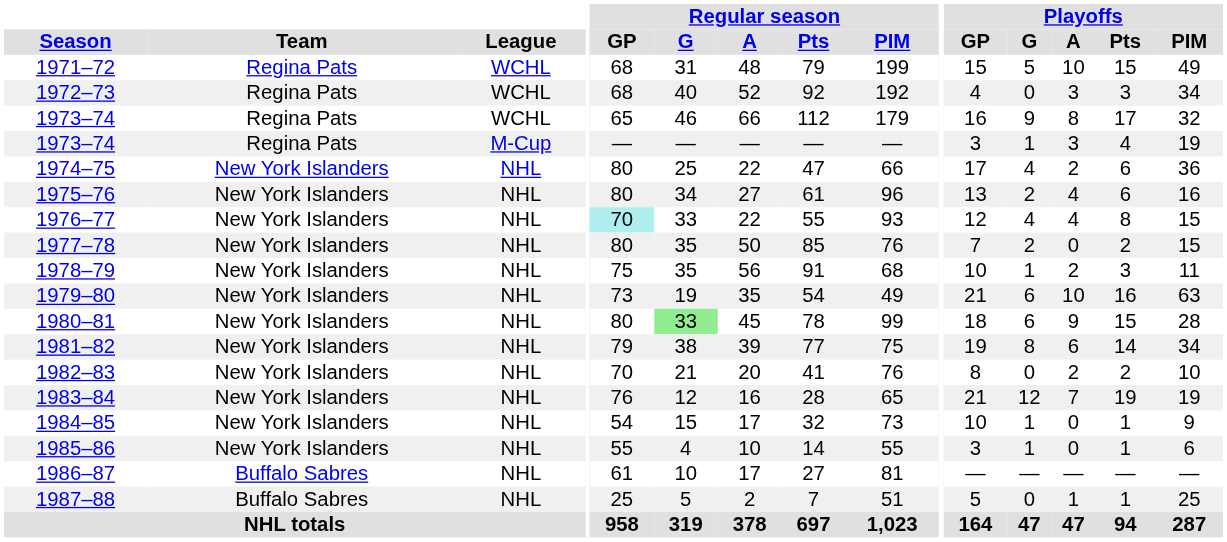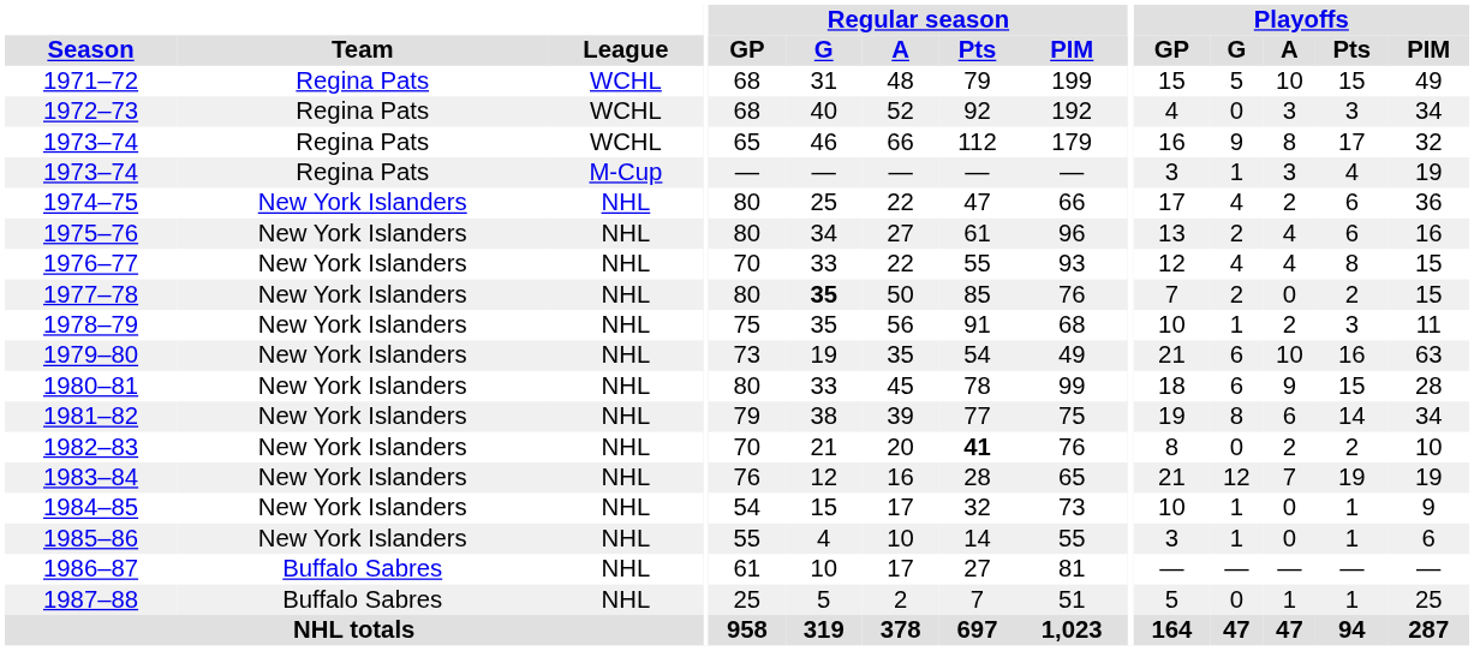 <table border="0" cellpadding="1" cellspacing="0" style="text-align:center; width:60em;">
 <tr bgcolor="#e0e0e0">
 <th colspan="3" bgcolor="#ffffff"></th>
 <th rowspan="100" bgcolor="#ffffff"></th>
 <th colspan="5"><a href='#'>Regular season</a></th>
 <th rowspan="100" bgcolor="#ffffff"></th>
 <th colspan="5"><a href='#'>Playoffs</a></th>
 </tr>
 <tr bgcolor="#e0e0e0">
 <th><a href='#'>Season</a></th>
 <th>Team</th>
 <th>League</th>
 <th>GP</th>
 <th><a href='#'>G</a></th>
 <th><a href='#'>A</a></th>
 <th><a href='#'>Pts</a></th>
 <th><a href='#'>PIM</a></th>
 <th>GP</th>
 <th>G</th>
 <th>A</th>
 <th>Pts</th>
 <th>PIM</th>
 </tr>
 <tr>
 <td><a href='#'>1971–72</a></td>
 <td><a href='#'>Regina Pats</a></td>
 <td><a href='#'>WCHL</a></td>
 <td>68</td>
 <td>31</td>
 <td>48</td>
 <td>79</td>
 <td>199</td>
 <td>15</td>
 <td>5</td>
 <td>10</td>
 <td>15</td>
 <td>49</td>
 </tr>
 <tr bgcolor="#f0f0f0">
 <td><a href='#'>1972–73</a></td>
 <td>Regina Pats</td>
 <td>WCHL</td>
 <td>68</td>
 <td>40</td>
 <td>52</td>
 <td>92</td>
 <td>192</td>
 <td>4</td>
 <td>0</td>
 <td>3</td>
 <td>3</td>
 <td>34</td>
 </tr>
 <tr>
 <td><a href='#'>1973–74</a></td>
 <td>Regina Pats</td>
 <td>WCHL</td>
 <td>65</td>
 <td>46</td>
 <td>66</td>
 <td>112</td>
 <td>179</td>
 <td>16</td>
 <td>9</td>
 <td>8</td>
 <td>17</td>
 <td>32</td>
 </tr>
 <tr bgcolor="#f0f0f0">
 <td><a href='#'>1973–74</a></td>
 <td>Regina Pats</td>
 <td><a href='#'>M-Cup</a></td>
 <td>—</td>
 <td>—</td>
 <td>—</td>
 <td>—</td>
 <td>—</td>
 <td>3</td>
 <td>1</td>
 <td>3</td>
 <td>4</td>
 <td>19</td>
 </tr>
 <tr>
 <td><a href='#'>1974–75</a></td>
 <td><a href='#'>New York Islanders</a></td>
 <td><a href='#'>NHL</a></td>
 <td>80</td>
 <td>25</td>
 <td>22</td>
 <td>47</td>
 <td>66</td>
 <td>17</td>
 <td>4</td>
 <td>2</td>
 <td>6</td>
 <td>36</td>
 </tr>
 <tr bgcolor="#f0f0f0">
 <td><a href='#'>1975–76</a></td>
 <td>New York Islanders</td>
 <td>NHL</td>
 <td>80</td>
 <td>34</td>
 <td>27</td>
 <td>61</td>
 <td>96</td>
 <td>13</td>
 <td>2</td>
 <td>4</td>
 <td>6</td>
 <td>16</td>
 </tr>
 <tr>
 <td><a href='#'>1976–77</a></td>
 <td>New York Islanders</td>
 <td>NHL</td>
-<td style="background: paleturquoise;">70</td>
+<td>70</td>
 <td>33</td>
 <td>22</td>
 <td>55</td>
 <td>93</td>
 <td>12</td>
 <td>4</td>
 <td>4</td>
 <td>8</td>
 <td>15</td>
 </tr>
 <tr bgcolor="#f0f0f0">
 <td><a href='#'>1977–78</a></td>
 <td>New York Islanders</td>
 <td>NHL</td>
 <td>80</td>
-<td>35</td>
+<td><strong>35</strong></td>
 <td>50</td>
 <td>85</td>
 <td>76</td>
 <td>7</td>
 <td>2</td>
 <td>0</td>
 <td>2</td>
 <td>15</td>
 </tr>
 <tr>
 <td><a href='#'>1978–79</a></td>
 <td>New York Islanders</td>
 <td>NHL</td>
 <td>75</td>
 <td>35</td>
 <td>56</td>
 <td>91</td>
 <td>68</td>
 <td>10</td>
 <td>1</td>
 <td>2</td>
 <td>3</td>
 <td>11</td>
 </tr>
 <tr bgcolor="#f0f0f0">
 <td><a href='#'>1979–80</a></td>
 <td>New York Islanders</td>
 <td>NHL</td>
 <td>73</td>
 <td>19</td>
 <td>35</td>
 <td>54</td>
 <td>49</td>
 <td>21</td>
 <td>6</td>
 <td>10</td>
 <td>16</td>
 <td>63</td>
 </tr>
 <tr>
 <td><a href='#'>1980–81</a></td>
 <td>New York Islanders</td>
 <td>NHL</td>
 <td>80</td>
-<td style="background: lightgreen;">33</td>
+<td>33</td>
 <td>45</td>
 <td>78</td>
 <td>99</td>
 <td>18</td>
 <td>6</td>
 <td>9</td>
 <td>15</td>
 <td>28</td>
 </tr>
 <tr bgcolor="#f0f0f0">
 <td><a href='#'>1981–82</a></td>
 <td>New York Islanders</td>
 <td>NHL</td>
 <td>79</td>
 <td>38</td>
 <td>39</td>
 <td>77</td>
 <td>75</td>
 <td>19</td>
 <td>8</td>
 <td>6</td>
 <td>14</td>
 <td>34</td>
 </tr>
 <tr>
 <td><a href='#'>1982–83</a></td>
 <td>New York Islanders</td>
 <td>NHL</td>
 <td>70</td>
 <td>21</td>
 <td>20</td>
-<td>41</td>
+<td><strong>41</strong></td>
 <td>76</td>
 <td>8</td>
 <td>0</td>
 <td>2</td>
 <td>2</td>
 <td>10</td>
 </tr>
 <tr bgcolor="#f0f0f0">
 <td><a href='#'>1983–84</a></td>
 <td>New York Islanders</td>
 <td>NHL</td>
 <td>76</td>
 <td>12</td>
 <td>16</td>
 <td>28</td>
 <td>65</td>
 <td>21</td>
 <td>12</td>
 <td>7</td>
 <td>19</td>
 <td>19</td>
 </tr>
 <tr>
 <td><a href='#'>1984–85</a></td>
 <td>New York Islanders</td>
 <td>NHL</td>
 <td>54</td>
 <td>15</td>
 <td>17</td>
 <td>32</td>
 <td>73</td>
 <td>10</td>
 <td>1</td>
 <td>0</td>
 <td>1</td>
 <td>9</td>
 </tr>
 <tr bgcolor="#f0f0f0">
 <td><a href='#'>1985–86</a></td>
 <td>New York Islanders</td>
 <td>NHL</td>
 <td>55</td>
 <td>4</td>
 <td>10</td>
 <td>14</td>
 <td>55</td>
 <td>3</td>
 <td>1</td>
 <td>0</td>
 <td>1</td>
 <td>6</td>
 </tr>
 <tr>
 <td><a href='#'>1986–87</a></td>
 <td><a href='#'>Buffalo Sabres</a></td>
 <td>NHL</td>
 <td>61</td>
 <td>10</td>
 <td>17</td>
 <td>27</td>
 <td>81</td>
 <td>—</td>
 <td>—</td>
 <td>—</td>
 <td>—</td>
 <td>—</td>
 </tr>
 <tr bgcolor="#f0f0f0">
 <td><a href='#'>1987–88</a></td>
 <td>Buffalo Sabres</td>
 <td>NHL</td>
 <td>25</td>
 <td>5</td>
 <td>2</td>
 <td>7</td>
 <td>51</td>
 <td>5</td>
 <td>0</td>
 <td>1</td>
 <td>1</td>
 <td>25</td>
 </tr>
 <tr bgcolor="#e0e0e0">
 <th colspan="3">NHL totals</th>
 <th>958</th>
 <th>319</th>
 <th>378</th>
 <th>697</th>
 <th>1,023</th>
 <th>164</th>
 <th>47</th>
 <th>47</th>
 <th>94</th>
 <th>287</th>
 </tr>
 </table>
